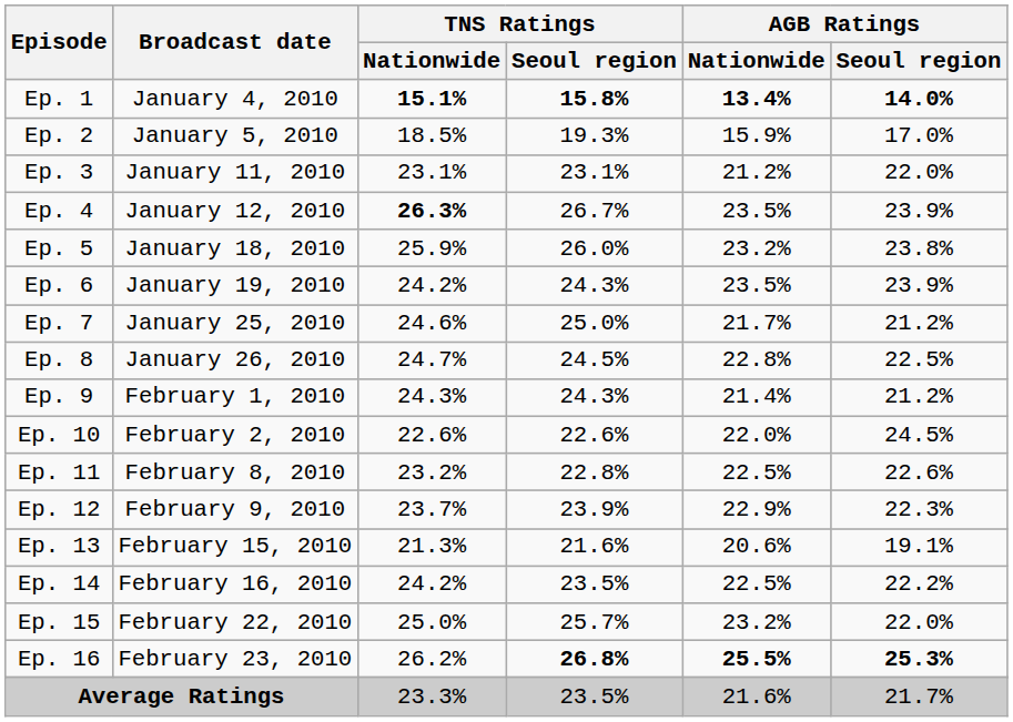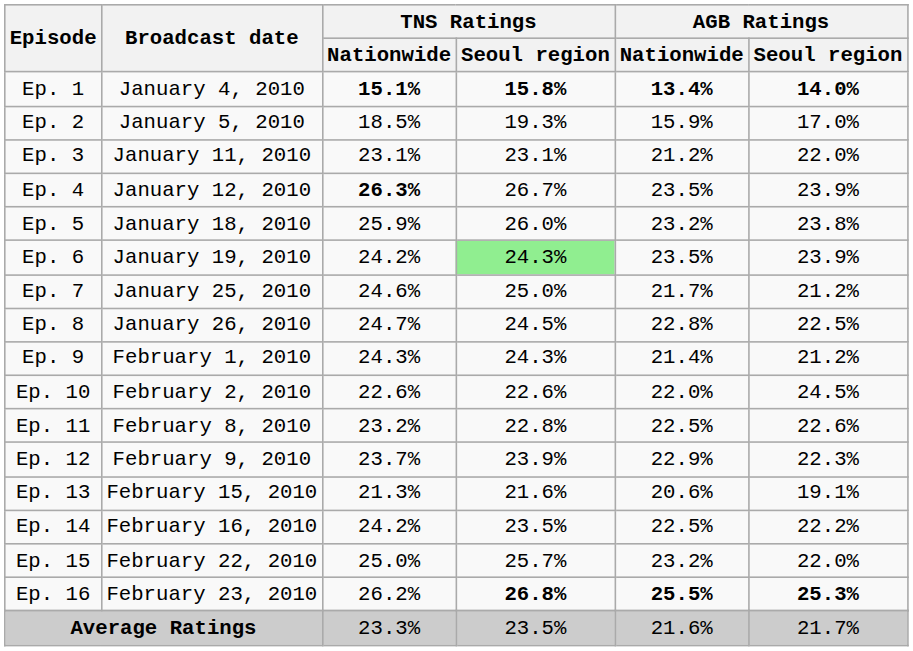 <table class="wikitable collapsible" style="text-align:center">
 <tr style="text-align:center">
 <th rowspan="2">Episode</th>
 <th rowspan="2">Broadcast date</th>
 <th colspan="2">TNS Ratings</th>
 <th colspan="2">AGB Ratings</th>
 </tr>
 <tr>
 <th>Nationwide</th>
 <th>Seoul region</th>
 <th>Nationwide</th>
 <th>Seoul region</th>
 </tr>
 <tr>
 <td>Ep. 1</td>
 <td>January 4, 2010</td>
 <td><span><strong>15.1%</strong></span></td>
 <td><span><strong>15.8%</strong></span></td>
 <td><span><strong>13.4%</strong></span></td>
 <td><span><strong>14.0%</strong></span></td>
 </tr>
 <tr>
 <td>Ep. 2</td>
 <td>January 5, 2010</td>
 <td>18.5%</td>
 <td>19.3%</td>
 <td>15.9%</td>
 <td>17.0%</td>
 </tr>
 <tr>
 <td>Ep. 3</td>
 <td>January 11, 2010</td>
 <td>23.1%</td>
 <td>23.1%</td>
 <td>21.2%</td>
 <td>22.0%</td>
 </tr>
 <tr>
 <td>Ep. 4</td>
 <td>January 12, 2010</td>
 <td><span><strong>26.3%</strong></span></td>
 <td>26.7%</td>
 <td>23.5%</td>
 <td>23.9%</td>
 </tr>
 <tr>
 <td>Ep. 5</td>
 <td>January 18, 2010</td>
 <td>25.9%</td>
 <td>26.0%</td>
 <td>23.2%</td>
 <td>23.8%</td>
 </tr>
 <tr>
 <td>Ep. 6</td>
 <td>January 19, 2010</td>
 <td>24.2%</td>
-<td>24.3%</td>
+<td style="background: lightgreen;">24.3%</td>
 <td>23.5%</td>
 <td>23.9%</td>
 </tr>
 <tr>
 <td>Ep. 7</td>
 <td>January 25, 2010</td>
 <td>24.6%</td>
 <td>25.0%</td>
 <td>21.7%</td>
 <td>21.2%</td>
 </tr>
 <tr>
 <td>Ep. 8</td>
 <td>January 26, 2010</td>
 <td>24.7%</td>
 <td>24.5%</td>
 <td>22.8%</td>
 <td>22.5%</td>
 </tr>
 <tr>
 <td>Ep. 9</td>
 <td>February 1, 2010</td>
 <td>24.3%</td>
 <td>24.3%</td>
 <td>21.4%</td>
 <td>21.2%</td>
 </tr>
 <tr>
 <td>Ep. 10</td>
 <td>February 2, 2010</td>
 <td>22.6%</td>
 <td>22.6%</td>
 <td>22.0%</td>
 <td>24.5%</td>
 </tr>
 <tr>
 <td>Ep. 11</td>
 <td>February 8, 2010</td>
 <td>23.2%</td>
 <td>22.8%</td>
 <td>22.5%</td>
 <td>22.6%</td>
 </tr>
 <tr>
 <td>Ep. 12</td>
 <td>February 9, 2010</td>
 <td>23.7%</td>
 <td>23.9%</td>
 <td>22.9%</td>
 <td>22.3%</td>
 </tr>
 <tr>
 <td>Ep. 13</td>
 <td>February 15, 2010</td>
 <td>21.3%</td>
 <td>21.6%</td>
 <td>20.6%</td>
 <td>19.1%</td>
 </tr>
 <tr>
 <td>Ep. 14</td>
 <td>February 16, 2010</td>
 <td>24.2%</td>
 <td>23.5%</td>
 <td>22.5%</td>
 <td>22.2%</td>
 </tr>
 <tr>
 <td>Ep. 15</td>
 <td>February 22, 2010</td>
 <td>25.0%</td>
 <td>25.7%</td>
 <td>23.2%</td>
 <td>22.0%</td>
 </tr>
 <tr>
 <td>Ep. 16</td>
 <td>February 23, 2010</td>
 <td>26.2%</td>
 <td><span><strong>26.8%</strong></span></td>
 <td><span><strong>25.5%</strong></span></td>
 <td><span><strong>25.3%</strong></span></td>
 </tr>
 <tr>
 </tr>
 <tr bgcolor="#CCCCCC">
 <td colspan="2"><strong>Average Ratings</strong></td>
 <td>23.3%</td>
 <td>23.5%</td>
 <td>21.6%</td>
 <td>21.7%</td>
 </tr>
 </table>
